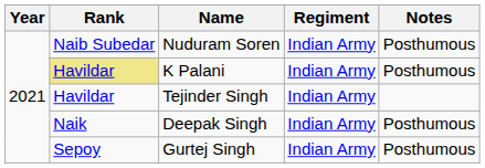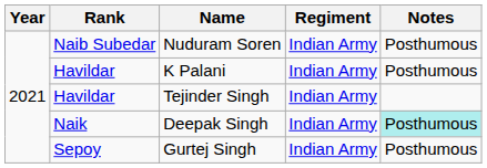 <table class="wikitable sortable">
 <tr>
 <th>Year</th>
 <th>Rank</th>
 <th>Name</th>
 <th>Regiment</th>
 <th>Notes</th>
 </tr>
 <tr>
 <td rowspan="18">2021</td>
 <td><a href='#'>Naib Subedar</a></td>
 <td>Nuduram Soren</td>
 <td><a href='#'>Indian Army</a></td>
 <td>Posthumous</td>
 </tr>
 <tr>
-<td style="background: khaki;"><a href='#'>Havildar</a></td>
+<td><a href='#'>Havildar</a></td>
 <td>K Palani</td>
 <td><a href='#'>Indian Army</a></td>
 <td>Posthumous</td>
 </tr>
 <tr>
 <td><a href='#'>Havildar</a></td>
 <td>Tejinder Singh</td>
 <td><a href='#'>Indian Army</a></td>
 <td></td>
 </tr>
 <tr>
 <td><a href='#'>Naik</a></td>
 <td>Deepak Singh</td>
 <td><a href='#'>Indian Army</a></td>
-<td>Posthumous</td>
+<td style="background: paleturquoise;">Posthumous</td>
 </tr>
 <tr>
 <td><a href='#'>Sepoy</a></td>
 <td>Gurtej Singh</td>
 <td><a href='#'>Indian Army</a></td>
 <td>Posthumous</td>
 </tr>
 </table>
